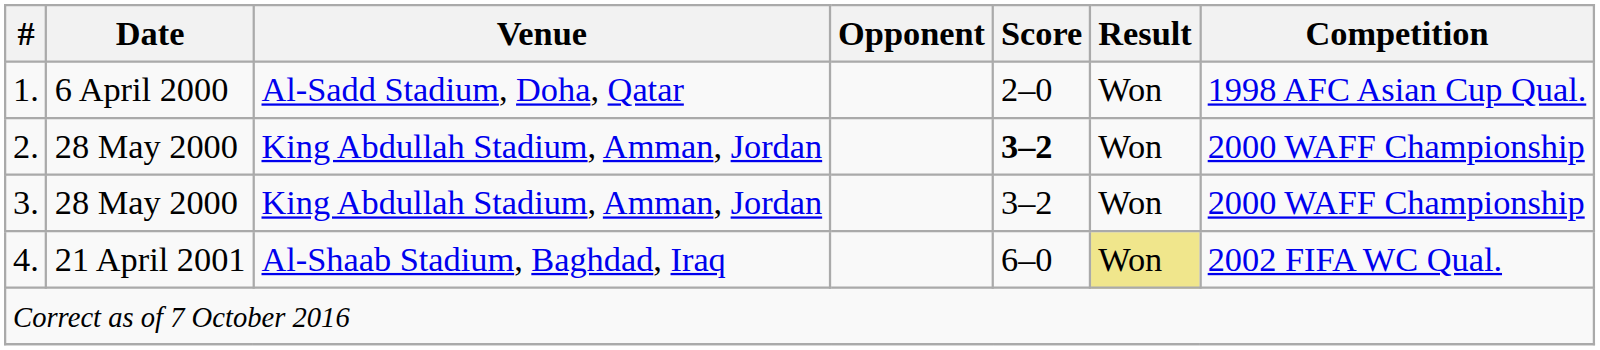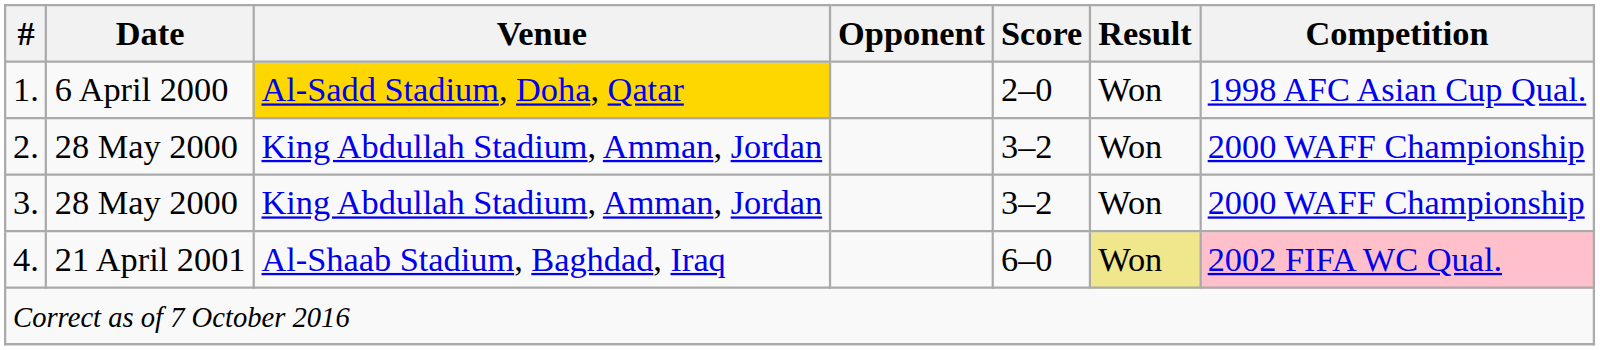 <table class="wikitable" style="font-size:95%;">
 <tr>
 <th>#</th>
 <th>Date</th>
 <th>Venue</th>
 <th>Opponent</th>
 <th>Score</th>
 <th>Result</th>
 <th>Competition</th>
 </tr>
 <tr>
 <td>1.</td>
 <td>6 April 2000</td>
-<td><a href='#'>Al-Sadd Stadium</a>, <a href='#'>Doha</a>, <a href='#'>Qatar</a></td>
+<td style="background: gold;"><a href='#'>Al-Sadd Stadium</a>, <a href='#'>Doha</a>, <a href='#'>Qatar</a></td>
 <td></td>
 <td>2–0</td>
 <td>Won</td>
 <td><a href='#'>1998 AFC Asian Cup Qual.</a></td>
 </tr>
 <tr>
 <td>2.</td>
 <td>28 May 2000</td>
 <td><a href='#'>King Abdullah Stadium</a>, <a href='#'>Amman</a>, <a href='#'>Jordan</a></td>
 <td></td>
-<td><strong>3–2</strong></td>
+<td>3–2</td>
 <td>Won</td>
 <td><a href='#'>2000 WAFF Championship</a></td>
 </tr>
 <tr>
 <td>3.</td>
 <td>28 May 2000</td>
 <td><a href='#'>King Abdullah Stadium</a>, <a href='#'>Amman</a>, <a href='#'>Jordan</a></td>
 <td></td>
 <td>3–2</td>
 <td>Won</td>
 <td><a href='#'>2000 WAFF Championship</a></td>
 </tr>
 <tr>
 <td>4.</td>
 <td>21 April 2001</td>
 <td><a href='#'>Al-Shaab Stadium</a>, <a href='#'>Baghdad</a>, <a href='#'>Iraq</a></td>
 <td></td>
 <td>6–0</td>
 <td style="background: khaki;">Won</td>
-<td><a href='#'>2002 FIFA WC Qual.</a></td>
+<td style="background: pink;"><a href='#'>2002 FIFA WC Qual.</a></td>
 </tr>
 <tr>
 <td colspan="15"><small><em>Correct as of 7 October 2016</em></small></td>
 </tr>
 <tr>
 </tr>
 </table>
